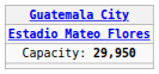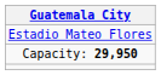 <table class="wikitable">
 <tr>
 <th><a href='#'>Guatemala City</a></th>
 </tr>
 <tr align=center>
-<td><strong><a href='#'>Estadio Mateo Flores</a></strong></td>
+<td><a href='#'>Estadio Mateo Flores</a></td>
 </tr>
 <tr align=center>
 <td>Capacity: <strong>29,950</strong></td>
 </tr>
 <tr align=center>
 <td></td>
 </tr>
 </table>
